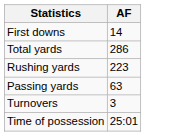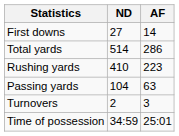 <table class="wikitable" style="float: left;">
 <tr>
 <th>Statistics</th>
+<th>ND</th>
 <th>AF</th>
 </tr>
 <tr>
 <td>First downs</td>
+<td>27</td>
 <td>14</td>
 </tr>
 <tr>
 <td>Total yards</td>
+<td>514</td>
 <td>286</td>
 </tr>
 <tr>
 <td>Rushing yards</td>
+<td>410</td>
 <td>223</td>
 </tr>
 <tr>
 <td>Passing yards</td>
+<td>104</td>
 <td>63</td>
 </tr>
 <tr>
 <td>Turnovers</td>
+<td>2</td>
 <td>3</td>
 </tr>
 <tr>
 <td>Time of possession</td>
+<td>34:59</td>
 <td>25:01</td>
 </tr>
 </table>
